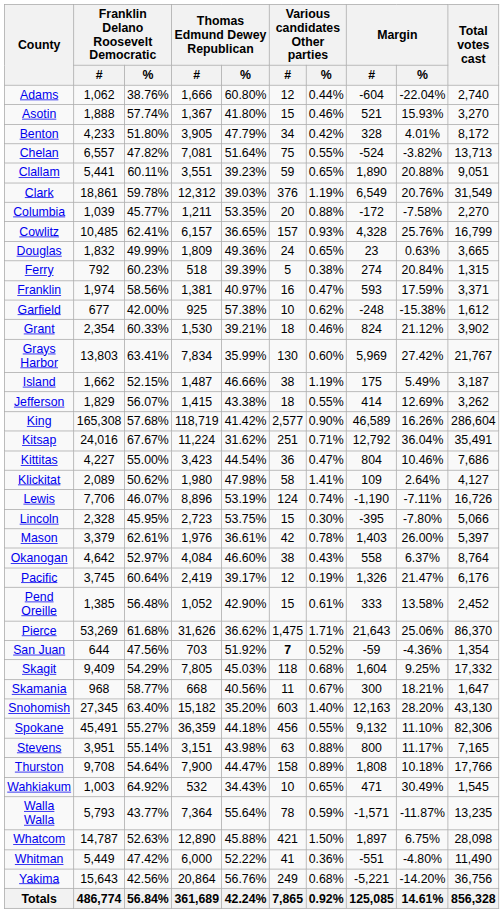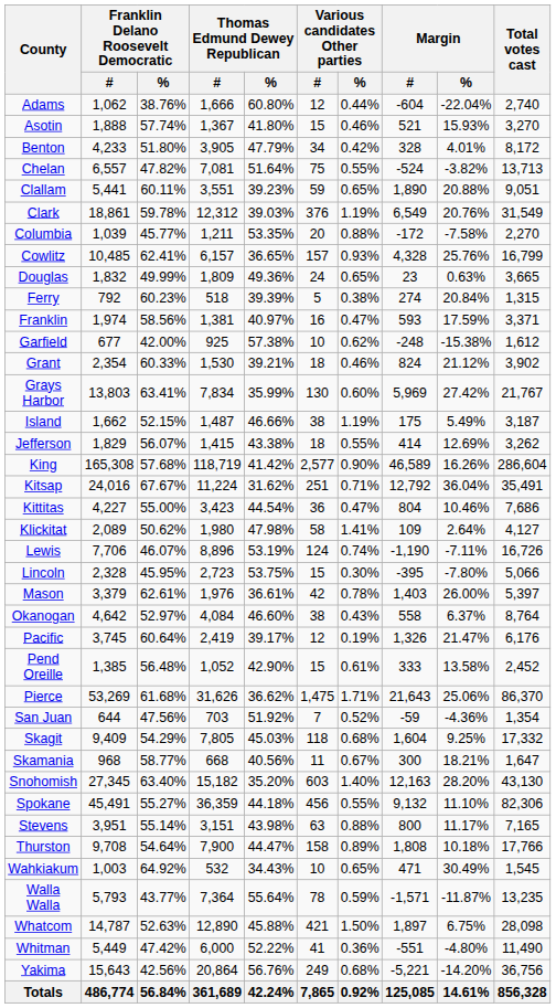 <table width="65%"  class="wikitable sortable" style="text-align:center">
 <tr>
 <th style="text-align:center;" rowspan="2">County</th>
 <th style="text-align:center;" colspan="2">Franklin Delano Roosevelt<br>Democratic</th>
 <th style="text-align:center;" colspan="2">Thomas Edmund Dewey<br>Republican</th>
 <th style="text-align:center;" colspan="2">Various candidates<br>Other parties</th>
 <th style="text-align:center;" colspan="2">Margin</th>
 <th style="text-align:center;" rowspan="2">Total votes cast</th>
 </tr>
 <tr>
 <th style="text-align:center;" data-sort-type="number">#</th>
 <th style="text-align:center;" data-sort-type="number">%</th>
 <th style="text-align:center;" data-sort-type="number">#</th>
 <th style="text-align:center;" data-sort-type="number">%</th>
 <th style="text-align:center;" data-sort-type="number">#</th>
 <th style="text-align:center;" data-sort-type="number">%</th>
 <th style="text-align:center;" data-sort-type="number">#</th>
 <th style="text-align:center;" data-sort-type="number">%</th>
 </tr>
 <tr style="text-align:center;">
 <td><a href='#'>Adams</a></td>
 <td>1,062</td>
 <td>38.76%</td>
 <td>1,666</td>
 <td>60.80%</td>
 <td>12</td>
 <td>0.44%</td>
 <td>-604</td>
 <td>-22.04%</td>
 <td>2,740</td>
 </tr>
 <tr style="text-align:center;">
 <td><a href='#'>Asotin</a></td>
 <td>1,888</td>
 <td>57.74%</td>
 <td>1,367</td>
 <td>41.80%</td>
 <td>15</td>
 <td>0.46%</td>
 <td>521</td>
 <td>15.93%</td>
 <td>3,270</td>
 </tr>
 <tr style="text-align:center;">
 <td><a href='#'>Benton</a></td>
 <td>4,233</td>
 <td>51.80%</td>
 <td>3,905</td>
 <td>47.79%</td>
 <td>34</td>
 <td>0.42%</td>
 <td>328</td>
 <td>4.01%</td>
 <td>8,172</td>
 </tr>
 <tr style="text-align:center;">
 <td><a href='#'>Chelan</a></td>
 <td>6,557</td>
 <td>47.82%</td>
 <td>7,081</td>
 <td>51.64%</td>
 <td>75</td>
 <td>0.55%</td>
 <td>-524</td>
 <td>-3.82%</td>
 <td>13,713</td>
 </tr>
 <tr style="text-align:center;">
 <td><a href='#'>Clallam</a></td>
 <td>5,441</td>
 <td>60.11%</td>
 <td>3,551</td>
 <td>39.23%</td>
 <td>59</td>
 <td>0.65%</td>
 <td>1,890</td>
 <td>20.88%</td>
 <td>9,051</td>
 </tr>
 <tr style="text-align:center;">
 <td><a href='#'>Clark</a></td>
 <td>18,861</td>
 <td>59.78%</td>
 <td>12,312</td>
 <td>39.03%</td>
 <td>376</td>
 <td>1.19%</td>
 <td>6,549</td>
 <td>20.76%</td>
 <td>31,549</td>
 </tr>
 <tr style="text-align:center;">
 <td><a href='#'>Columbia</a></td>
 <td>1,039</td>
 <td>45.77%</td>
 <td>1,211</td>
 <td>53.35%</td>
 <td>20</td>
 <td>0.88%</td>
 <td>-172</td>
 <td>-7.58%</td>
 <td>2,270</td>
 </tr>
 <tr style="text-align:center;">
 <td><a href='#'>Cowlitz</a></td>
 <td>10,485</td>
 <td>62.41%</td>
 <td>6,157</td>
 <td>36.65%</td>
 <td>157</td>
 <td>0.93%</td>
 <td>4,328</td>
 <td>25.76%</td>
 <td>16,799</td>
 </tr>
 <tr style="text-align:center;">
 <td><a href='#'>Douglas</a></td>
 <td>1,832</td>
 <td>49.99%</td>
 <td>1,809</td>
 <td>49.36%</td>
 <td>24</td>
 <td>0.65%</td>
 <td>23</td>
 <td>0.63%</td>
 <td>3,665</td>
 </tr>
 <tr style="text-align:center;">
 <td><a href='#'>Ferry</a></td>
 <td>792</td>
 <td>60.23%</td>
 <td>518</td>
 <td>39.39%</td>
 <td>5</td>
 <td>0.38%</td>
 <td>274</td>
 <td>20.84%</td>
 <td>1,315</td>
 </tr>
 <tr style="text-align:center;">
 <td><a href='#'>Franklin</a></td>
 <td>1,974</td>
 <td>58.56%</td>
 <td>1,381</td>
 <td>40.97%</td>
 <td>16</td>
 <td>0.47%</td>
 <td>593</td>
 <td>17.59%</td>
 <td>3,371</td>
 </tr>
 <tr style="text-align:center;">
 <td><a href='#'>Garfield</a></td>
 <td>677</td>
 <td>42.00%</td>
 <td>925</td>
 <td>57.38%</td>
 <td>10</td>
 <td>0.62%</td>
 <td>-248</td>
 <td>-15.38%</td>
 <td>1,612</td>
 </tr>
 <tr style="text-align:center;">
 <td><a href='#'>Grant</a></td>
 <td>2,354</td>
 <td>60.33%</td>
 <td>1,530</td>
 <td>39.21%</td>
 <td>18</td>
 <td>0.46%</td>
 <td>824</td>
 <td>21.12%</td>
 <td>3,902</td>
 </tr>
 <tr style="text-align:center;">
 <td><a href='#'>Grays Harbor</a></td>
 <td>13,803</td>
 <td>63.41%</td>
 <td>7,834</td>
 <td>35.99%</td>
 <td>130</td>
 <td>0.60%</td>
 <td>5,969</td>
 <td>27.42%</td>
 <td>21,767</td>
 </tr>
 <tr style="text-align:center;">
 <td><a href='#'>Island</a></td>
 <td>1,662</td>
 <td>52.15%</td>
 <td>1,487</td>
 <td>46.66%</td>
 <td>38</td>
 <td>1.19%</td>
 <td>175</td>
 <td>5.49%</td>
 <td>3,187</td>
 </tr>
 <tr style="text-align:center;">
 <td><a href='#'>Jefferson</a></td>
 <td>1,829</td>
 <td>56.07%</td>
 <td>1,415</td>
 <td>43.38%</td>
 <td>18</td>
 <td>0.55%</td>
 <td>414</td>
 <td>12.69%</td>
 <td>3,262</td>
 </tr>
 <tr style="text-align:center;">
 <td><a href='#'>King</a></td>
 <td>165,308</td>
 <td>57.68%</td>
 <td>118,719</td>
 <td>41.42%</td>
 <td>2,577</td>
 <td>0.90%</td>
 <td>46,589</td>
 <td>16.26%</td>
 <td>286,604</td>
 </tr>
 <tr style="text-align:center;">
 <td><a href='#'>Kitsap</a></td>
 <td>24,016</td>
 <td>67.67%</td>
 <td>11,224</td>
 <td>31.62%</td>
 <td>251</td>
 <td>0.71%</td>
 <td>12,792</td>
 <td>36.04%</td>
 <td>35,491</td>
 </tr>
 <tr style="text-align:center;">
 <td><a href='#'>Kittitas</a></td>
 <td>4,227</td>
 <td>55.00%</td>
 <td>3,423</td>
 <td>44.54%</td>
 <td>36</td>
 <td>0.47%</td>
 <td>804</td>
 <td>10.46%</td>
 <td>7,686</td>
 </tr>
 <tr style="text-align:center;">
 <td><a href='#'>Klickitat</a></td>
 <td>2,089</td>
 <td>50.62%</td>
 <td>1,980</td>
 <td>47.98%</td>
 <td>58</td>
 <td>1.41%</td>
 <td>109</td>
 <td>2.64%</td>
 <td>4,127</td>
 </tr>
 <tr style="text-align:center;">
 <td><a href='#'>Lewis</a></td>
 <td>7,706</td>
 <td>46.07%</td>
 <td>8,896</td>
 <td>53.19%</td>
 <td>124</td>
 <td>0.74%</td>
 <td>-1,190</td>
 <td>-7.11%</td>
 <td>16,726</td>
 </tr>
 <tr style="text-align:center;">
 <td><a href='#'>Lincoln</a></td>
 <td>2,328</td>
 <td>45.95%</td>
 <td>2,723</td>
 <td>53.75%</td>
 <td>15</td>
 <td>0.30%</td>
 <td>-395</td>
 <td>-7.80%</td>
 <td>5,066</td>
 </tr>
 <tr style="text-align:center;">
 <td><a href='#'>Mason</a></td>
 <td>3,379</td>
 <td>62.61%</td>
 <td>1,976</td>
 <td>36.61%</td>
 <td>42</td>
 <td>0.78%</td>
 <td>1,403</td>
 <td>26.00%</td>
 <td>5,397</td>
 </tr>
 <tr style="text-align:center;">
 <td><a href='#'>Okanogan</a></td>
 <td>4,642</td>
 <td>52.97%</td>
 <td>4,084</td>
 <td>46.60%</td>
 <td>38</td>
 <td>0.43%</td>
 <td>558</td>
 <td>6.37%</td>
 <td>8,764</td>
 </tr>
 <tr style="text-align:center;">
 <td><a href='#'>Pacific</a></td>
 <td>3,745</td>
 <td>60.64%</td>
 <td>2,419</td>
 <td>39.17%</td>
 <td>12</td>
 <td>0.19%</td>
 <td>1,326</td>
 <td>21.47%</td>
 <td>6,176</td>
 </tr>
 <tr style="text-align:center;">
 <td><a href='#'>Pend Oreille</a></td>
 <td>1,385</td>
 <td>56.48%</td>
 <td>1,052</td>
 <td>42.90%</td>
 <td>15</td>
 <td>0.61%</td>
 <td>333</td>
 <td>13.58%</td>
 <td>2,452</td>
 </tr>
 <tr style="text-align:center;">
 <td><a href='#'>Pierce</a></td>
 <td>53,269</td>
 <td>61.68%</td>
 <td>31,626</td>
 <td>36.62%</td>
 <td>1,475</td>
 <td>1.71%</td>
 <td>21,643</td>
 <td>25.06%</td>
 <td>86,370</td>
 </tr>
 <tr style="text-align:center;">
 <td><a href='#'>San Juan</a></td>
 <td>644</td>
 <td>47.56%</td>
 <td>703</td>
 <td>51.92%</td>
-<td><strong>7</strong></td>
+<td>7</td>
 <td>0.52%</td>
 <td>-59</td>
 <td>-4.36%</td>
 <td>1,354</td>
 </tr>
 <tr style="text-align:center;">
 <td><a href='#'>Skagit</a></td>
 <td>9,409</td>
 <td>54.29%</td>
 <td>7,805</td>
 <td>45.03%</td>
 <td>118</td>
 <td>0.68%</td>
 <td>1,604</td>
 <td>9.25%</td>
 <td>17,332</td>
 </tr>
 <tr style="text-align:center;">
 <td><a href='#'>Skamania</a></td>
 <td>968</td>
 <td>58.77%</td>
 <td>668</td>
 <td>40.56%</td>
 <td>11</td>
 <td>0.67%</td>
 <td>300</td>
 <td>18.21%</td>
 <td>1,647</td>
 </tr>
 <tr style="text-align:center;">
 <td><a href='#'>Snohomish</a></td>
 <td>27,345</td>
 <td>63.40%</td>
 <td>15,182</td>
 <td>35.20%</td>
 <td>603</td>
 <td>1.40%</td>
 <td>12,163</td>
 <td>28.20%</td>
 <td>43,130</td>
 </tr>
 <tr style="text-align:center;">
 <td><a href='#'>Spokane</a></td>
 <td>45,491</td>
 <td>55.27%</td>
 <td>36,359</td>
 <td>44.18%</td>
 <td>456</td>
 <td>0.55%</td>
 <td>9,132</td>
 <td>11.10%</td>
 <td>82,306</td>
 </tr>
 <tr style="text-align:center;">
 <td><a href='#'>Stevens</a></td>
 <td>3,951</td>
 <td>55.14%</td>
 <td>3,151</td>
 <td>43.98%</td>
 <td>63</td>
 <td>0.88%</td>
 <td>800</td>
 <td>11.17%</td>
 <td>7,165</td>
 </tr>
 <tr style="text-align:center;">
 <td><a href='#'>Thurston</a></td>
 <td>9,708</td>
 <td>54.64%</td>
 <td>7,900</td>
 <td>44.47%</td>
 <td>158</td>
 <td>0.89%</td>
 <td>1,808</td>
 <td>10.18%</td>
 <td>17,766</td>
 </tr>
 <tr style="text-align:center;">
 <td><a href='#'>Wahkiakum</a></td>
 <td>1,003</td>
 <td>64.92%</td>
 <td>532</td>
 <td>34.43%</td>
 <td>10</td>
 <td>0.65%</td>
 <td>471</td>
 <td>30.49%</td>
 <td>1,545</td>
 </tr>
 <tr style="text-align:center;">
 <td><a href='#'>Walla Walla</a></td>
 <td>5,793</td>
 <td>43.77%</td>
 <td>7,364</td>
 <td>55.64%</td>
 <td>78</td>
 <td>0.59%</td>
 <td>-1,571</td>
 <td>-11.87%</td>
 <td>13,235</td>
 </tr>
 <tr style="text-align:center;">
 <td><a href='#'>Whatcom</a></td>
 <td>14,787</td>
 <td>52.63%</td>
 <td>12,890</td>
 <td>45.88%</td>
 <td>421</td>
 <td>1.50%</td>
 <td>1,897</td>
 <td>6.75%</td>
 <td>28,098</td>
 </tr>
 <tr style="text-align:center;">
 <td><a href='#'>Whitman</a></td>
 <td>5,449</td>
 <td>47.42%</td>
 <td>6,000</td>
 <td>52.22%</td>
 <td>41</td>
 <td>0.36%</td>
 <td>-551</td>
 <td>-4.80%</td>
 <td>11,490</td>
 </tr>
 <tr style="text-align:center;">
 <td><a href='#'>Yakima</a></td>
 <td>15,643</td>
 <td>42.56%</td>
 <td>20,864</td>
 <td>56.76%</td>
 <td>249</td>
 <td>0.68%</td>
 <td>-5,221</td>
 <td>-14.20%</td>
 <td>36,756</td>
 </tr>
 <tr style="text-align:center;">
 <th>Totals</th>
 <th>486,774</th>
 <th>56.84%</th>
 <th>361,689</th>
 <th>42.24%</th>
 <th>7,865</th>
 <th>0.92%</th>
 <th>125,085</th>
 <th>14.61%</th>
 <th>856,328</th>
 </tr>
 </table>
